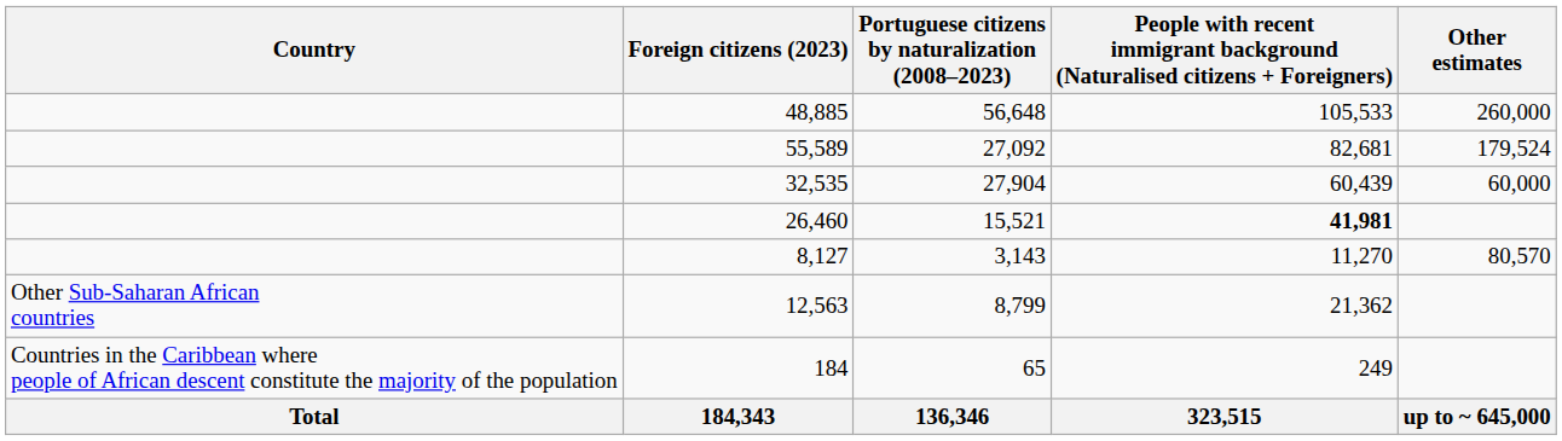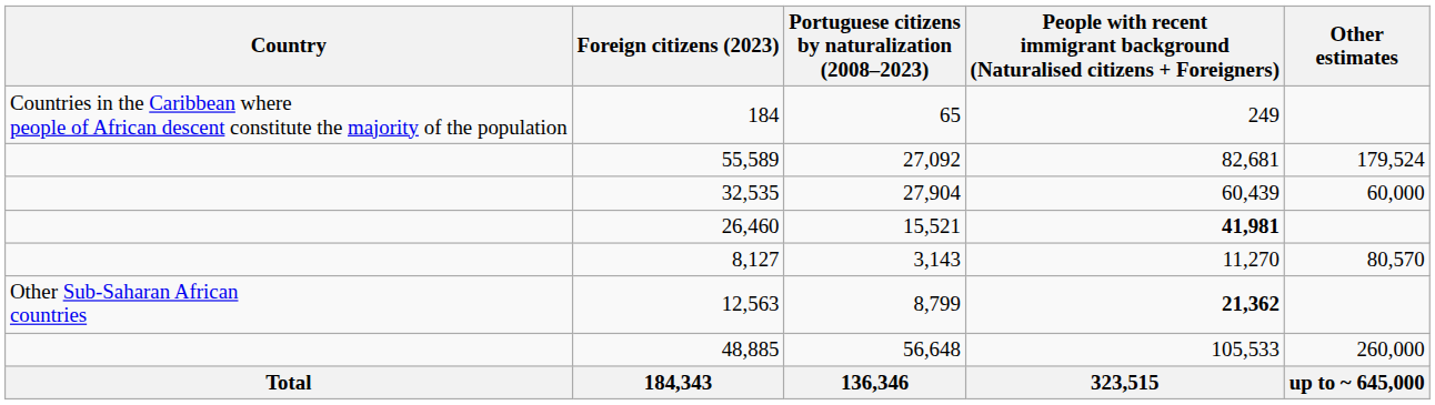 <table class="wikitable" align="left" style="margin-right:12px">
 <tr>
 <th>Country</th>
 <th>Foreign citizens (2023)</th>
 <th>Portuguese citizens<br>by naturalization<br>(2008–2023)</th>
 <th>People with recent<br>immigrant background<br>(Naturalised citizens + Foreigners)</th>
 <th>Other<br>estimates</th>
 </tr>
 <tr>
+<td>Countries in the <a href='#'>Caribbean</a> where<br><a href='#'>people of African descent</a> constitute  the <a href='#'>majority</a> of the population</td>
+<td align="right">184</td>
+<td align="right">65</td>
+<td align="right">249</td>
 <td></td>
-<td align="right">48,885</td>
-<td align="right">56,648</td>
-<td align="right">105,533</td>
-<td align="right">260,000</td>
 </tr>
 <tr>
 <td></td>
 <td align="right">55,589</td>
 <td align="right">27,092</td>
 <td align="right">82,681</td>
 <td align="right">179,524</td>
 </tr>
 <tr>
 <td></td>
 <td align="right">32,535</td>
 <td align="right">27,904</td>
 <td align="right">60,439</td>
 <td align="right">60,000</td>
 </tr>
 <tr>
 <td></td>
 <td align="right">26,460</td>
 <td align="right">15,521</td>
 <td align="right"><strong>41,981</strong></td>
 <td align="right"></td>
 </tr>
 <tr>
 <td></td>
 <td align="right">8,127</td>
 <td align="right">3,143</td>
 <td align="right">11,270</td>
 <td align="right">80,570</td>
 </tr>
 <tr>
 <td>Other <a href='#'>Sub-Saharan African</a><br><a href='#'>countries</a></td>
 <td align="right">12,563</td>
 <td align="right">8,799</td>
-<td align="right">21,362</td>
+<td align="right"><strong>21,362</strong></td>
 <td></td>
 </tr>
 <tr>
-<td>Countries in the <a href='#'>Caribbean</a> where<br><a href='#'>people of African descent</a> constitute  the <a href='#'>majority</a> of the population</td>
-<td align="right">184</td>
-<td align="right">65</td>
-<td align="right">249</td>
 <td></td>
+<td align="right">48,885</td>
+<td align="right">56,648</td>
+<td align="right">105,533</td>
+<td align="right">260,000</td>
 </tr>
 <tr>
 <th>Total</th>
 <th align="right">184,343</th>
 <th align="right">136,346</th>
 <th align="right">323,515</th>
 <th>up to ~ 645,000</th>
 </tr>
 </table>
